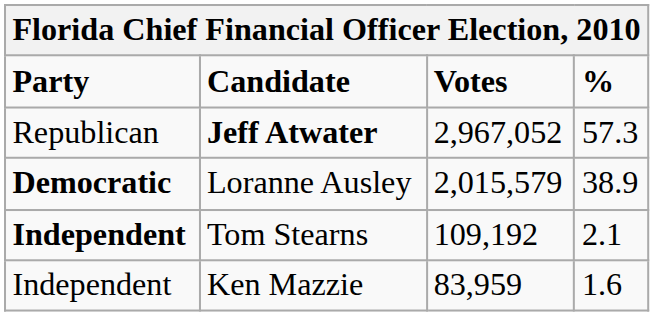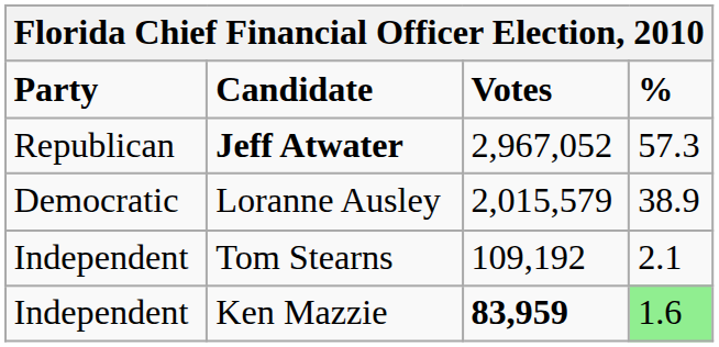 <table class="wikitable">
 <tr>
 <th colspan="4">Florida Chief Financial Officer Election, 2010</th>
 </tr>
 <tr>
 <td><strong>Party</strong></td>
 <td><strong>Candidate</strong></td>
 <td><strong>Votes</strong></td>
 <td><strong>%</strong></td>
 </tr>
 <tr>
 <td>Republican</td>
 <td><strong>Jeff Atwater</strong></td>
 <td>2,967,052</td>
 <td>57.3</td>
 </tr>
 <tr>
-<td><strong>Democratic</strong></td>
+<td>Democratic</td>
 <td>Loranne Ausley</td>
 <td>2,015,579</td>
 <td>38.9</td>
 </tr>
 <tr>
-<td><strong>Independent</strong></td>
+<td>Independent</td>
 <td>Tom Stearns</td>
 <td>109,192</td>
 <td>2.1</td>
 </tr>
 <tr>
 <td>Independent</td>
 <td>Ken Mazzie</td>
-<td>83,959</td>
-<td>1.6</td>
+<td><strong>83,959</strong></td>
+<td style="background: lightgreen;">1.6</td>
 </tr>
 </table>
